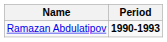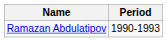 <table class="wikitable">
 <tr>
 <th>Name</th>
 <th>Period</th>
 </tr>
 <tr>
 <td><a href='#'>Ramazan Abdulatipov</a></td>
-<td><strong>1990-1993</strong></td>
+<td>1990-1993</td>
 </tr>
 </table>
